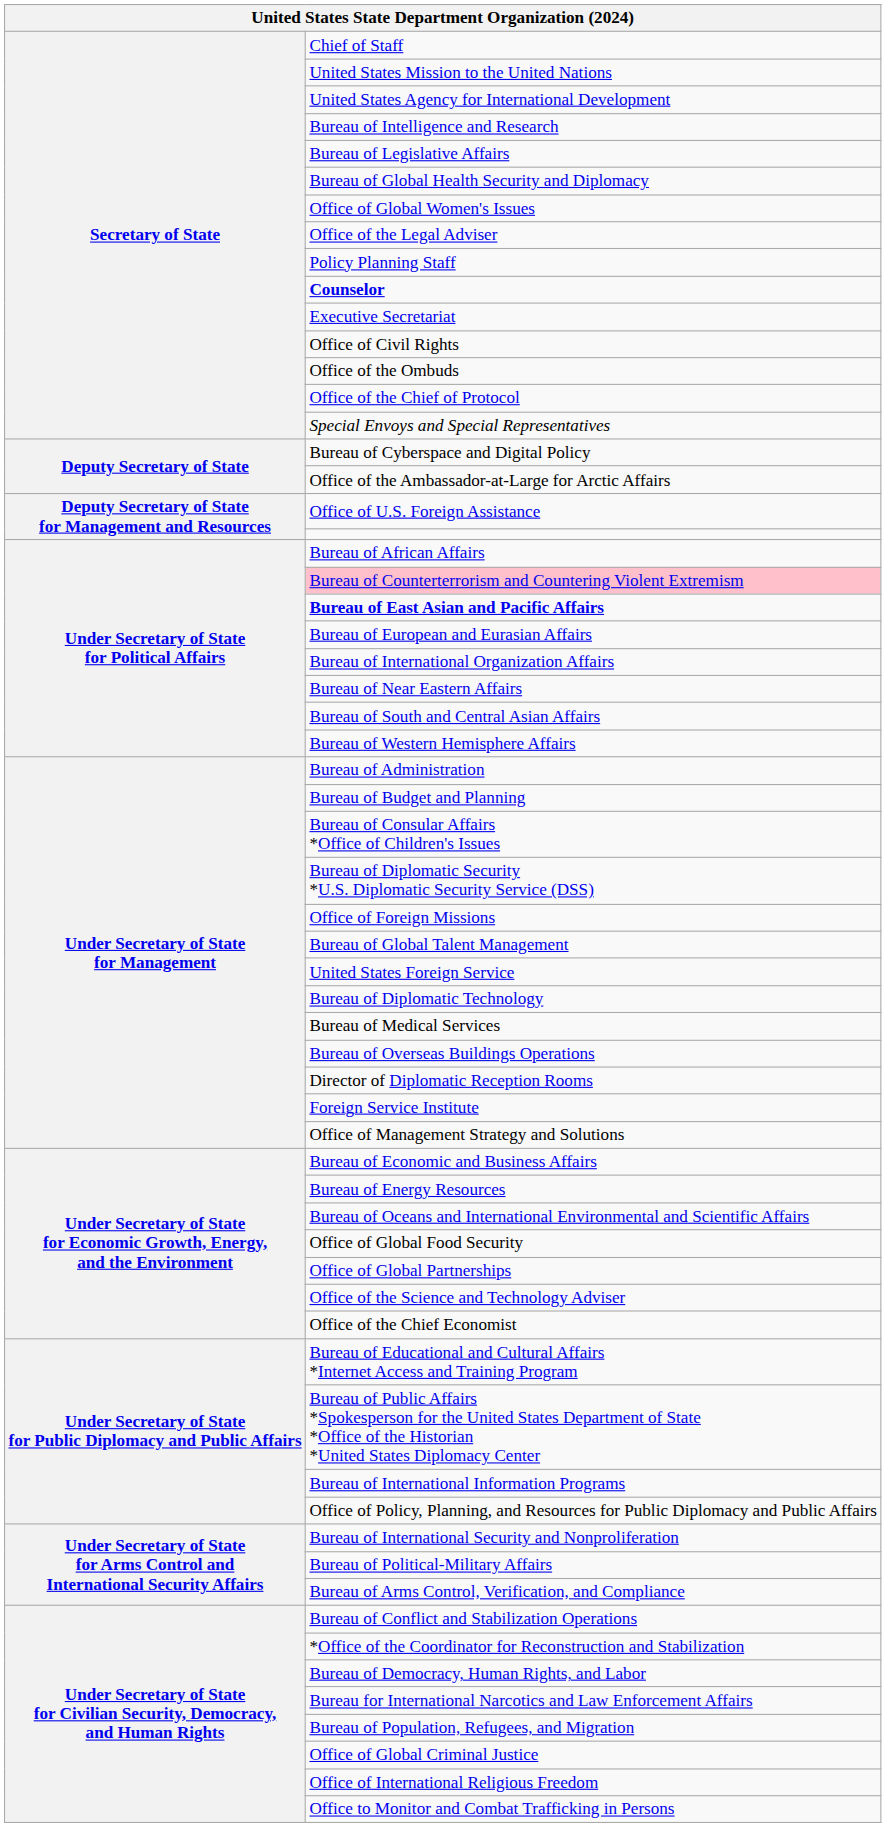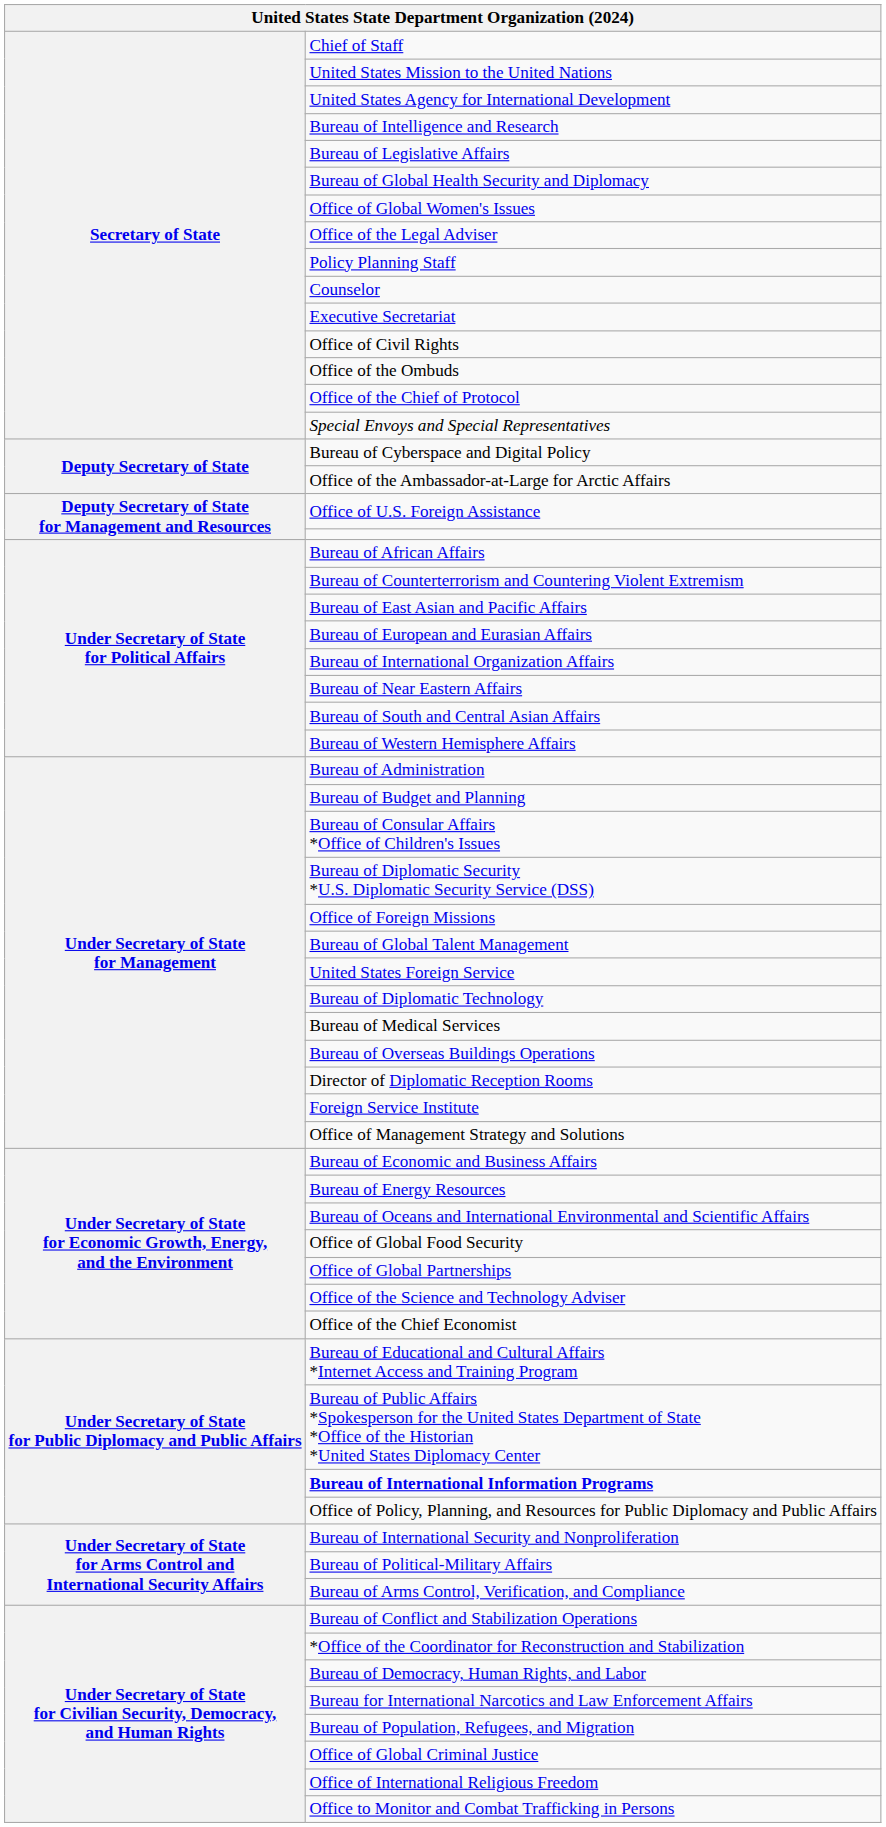 <table class="wikitable sortable">
 <tr>
 <th scope="col" colspan="2">United States State Department Organization (2024)</th>
 </tr>
 <tr>
 <th rowspan="15" scope="row"><a href='#'>Secretary of State</a></th>
 <td><a href='#'>Chief of Staff</a></td>
 </tr>
 <tr>
 <td><a href='#'>United States Mission to the United Nations</a></td>
 </tr>
 <tr>
 <td><a href='#'>United States Agency for International Development</a></td>
 </tr>
 <tr>
 <td><a href='#'>Bureau of Intelligence and Research</a></td>
 </tr>
 <tr>
 <td><a href='#'>Bureau of Legislative Affairs</a></td>
 </tr>
 <tr>
 <td><a href='#'>Bureau of Global Health Security and Diplomacy</a></td>
 </tr>
 <tr>
 <td><a href='#'>Office of Global Women's Issues</a></td>
 </tr>
 <tr>
 <td><a href='#'>Office of the Legal Adviser</a></td>
 </tr>
 <tr>
 <td><a href='#'>Policy Planning Staff</a></td>
 </tr>
 <tr>
-<td><strong><a href='#'>Counselor</a></strong></td>
+<td><a href='#'>Counselor</a></td>
 </tr>
 <tr>
 <td><a href='#'>Executive Secretariat</a></td>
 </tr>
 <tr>
 <td>Office of Civil Rights</td>
 </tr>
 <tr>
 <td>Office of the Ombuds</td>
 </tr>
 <tr>
 <td><a href='#'>Office of the Chief of Protocol</a></td>
 </tr>
 <tr>
 <td><em>Special Envoys and Special Representatives</em></td>
 </tr>
 <tr>
 <th rowspan=2><a href='#'>Deputy Secretary of State</a></th>
 <td>Bureau of Cyberspace and Digital Policy</td>
 </tr>
 <tr>
 <td>Office of the Ambassador-at-Large for Arctic Affairs</td>
 </tr>
 <tr>
 <th rowspan="2"><a href='#'>Deputy Secretary of State<br>for Management and Resources</a></th>
 <td><a href='#'>Office of U.S. Foreign Assistance</a></td>
 </tr>
 <tr>
 <td></td>
 </tr>
 <tr>
 <th scope="row" rowspan="8"><a href='#'>Under Secretary of State<br>for Political Affairs</a></th>
 <td><a href='#'>Bureau of African Affairs</a></td>
 </tr>
 <tr>
-<td style="background: pink;"><a href='#'>Bureau of Counterterrorism and Countering Violent Extremism</a></td>
+<td><a href='#'>Bureau of Counterterrorism and Countering Violent Extremism</a></td>
 </tr>
 <tr>
-<td><strong><a href='#'>Bureau of East Asian and Pacific Affairs</a></strong></td>
+<td><a href='#'>Bureau of East Asian and Pacific Affairs</a></td>
 </tr>
 <tr>
 <td><a href='#'>Bureau of European and Eurasian Affairs</a></td>
 </tr>
 <tr>
 <td><a href='#'>Bureau of International Organization Affairs</a></td>
 </tr>
 <tr>
 <td><a href='#'>Bureau of Near Eastern Affairs</a></td>
 </tr>
 <tr>
 <td><a href='#'>Bureau of South and Central Asian Affairs</a></td>
 </tr>
 <tr>
 <td><a href='#'>Bureau of Western Hemisphere Affairs</a></td>
 </tr>
 <tr>
 <th scope="row" rowspan="13"><a href='#'>Under Secretary of State<br>for Management</a></th>
 <td><a href='#'>Bureau of Administration</a></td>
 </tr>
 <tr>
 <td><a href='#'>Bureau of Budget and Planning</a></td>
 </tr>
 <tr>
 <td><a href='#'>Bureau of Consular Affairs</a><br>*<a href='#'>Office of Children's Issues</a></td>
 </tr>
 <tr>
 <td><a href='#'>Bureau of Diplomatic Security</a><br>*<a href='#'>U.S. Diplomatic Security Service (DSS)</a></td>
 </tr>
 <tr>
 <td><a href='#'>Office of Foreign Missions</a></td>
 </tr>
 <tr>
 <td><a href='#'>Bureau of Global Talent Management</a></td>
 </tr>
 <tr>
 <td><a href='#'>United States Foreign Service</a></td>
 </tr>
 <tr>
 <td><a href='#'>Bureau of Diplomatic Technology</a></td>
 </tr>
 <tr>
 <td>Bureau of Medical Services</td>
 </tr>
 <tr>
 <td><a href='#'>Bureau of Overseas Buildings Operations</a></td>
 </tr>
 <tr>
 <td>Director of <a href='#'>Diplomatic Reception Rooms</a></td>
 </tr>
 <tr>
 <td><a href='#'>Foreign Service Institute</a></td>
 </tr>
 <tr>
 <td>Office of Management Strategy and Solutions</td>
 </tr>
 <tr>
 <th rowspan="7" scope="row"><a href='#'>Under Secretary of State<br>for Economic Growth, Energy,<br>and the Environment</a></th>
 <td><a href='#'>Bureau of Economic and Business Affairs</a></td>
 </tr>
 <tr>
 <td><a href='#'>Bureau of Energy Resources</a></td>
 </tr>
 <tr>
 <td><a href='#'>Bureau of Oceans and International Environmental and Scientific Affairs</a></td>
 </tr>
 <tr>
 <td>Office of Global Food Security</td>
 </tr>
 <tr>
 <td><a href='#'>Office of Global Partnerships</a></td>
 </tr>
 <tr>
 <td><a href='#'>Office of the Science and Technology Adviser</a></td>
 </tr>
 <tr>
 <td>Office of the Chief Economist</td>
 </tr>
 <tr>
 <th scope="row" rowspan="4"><a href='#'>Under Secretary of State<br>for Public Diplomacy and Public Affairs</a></th>
 <td><a href='#'>Bureau of Educational and Cultural Affairs</a><br>*<a href='#'>Internet Access and Training Program</a></td>
 </tr>
 <tr>
 <td><a href='#'>Bureau of Public Affairs</a><br>*<a href='#'>Spokesperson for the United States Department of State</a><br>*<a href='#'>Office of the Historian</a><br>*<a href='#'>United States Diplomacy Center</a></td>
 </tr>
 <tr>
-<td><a href='#'>Bureau of International Information Programs</a></td>
+<td><strong><a href='#'>Bureau of International Information Programs</a></strong></td>
 </tr>
 <tr>
 <td>Office of Policy, Planning, and Resources for Public Diplomacy and Public Affairs</td>
 </tr>
 <tr>
 <th scope="row" rowspan="3"><a href='#'>Under Secretary of State<br>for Arms Control and<br>International Security Affairs</a></th>
 <td><a href='#'>Bureau of International Security and Nonproliferation</a></td>
 </tr>
 <tr>
 <td><a href='#'>Bureau of Political-Military Affairs</a></td>
 </tr>
 <tr>
 <td><a href='#'>Bureau of Arms Control, Verification, and Compliance</a></td>
 </tr>
 <tr>
 <th rowspan="8" scope="row"><a href='#'>Under Secretary of State<br>for Civilian Security, Democracy,<br>and Human Rights</a></th>
 <td><a href='#'>Bureau of Conflict and Stabilization Operations</a></td>
 </tr>
 <tr>
 <td>*<a href='#'>Office of the Coordinator for Reconstruction and Stabilization</a></td>
 </tr>
 <tr>
 <td><a href='#'>Bureau of Democracy, Human Rights, and Labor</a></td>
 </tr>
 <tr>
 <td><a href='#'>Bureau for International Narcotics and Law Enforcement Affairs</a></td>
 </tr>
 <tr>
 <td><a href='#'>Bureau of Population, Refugees, and Migration</a></td>
 </tr>
 <tr>
 <td><a href='#'>Office of Global Criminal Justice</a></td>
 </tr>
 <tr>
 <td><a href='#'>Office of International Religious Freedom</a></td>
 </tr>
 <tr>
 <td><a href='#'>Office to Monitor and Combat Trafficking in Persons</a></td>
 </tr>
 </table>
